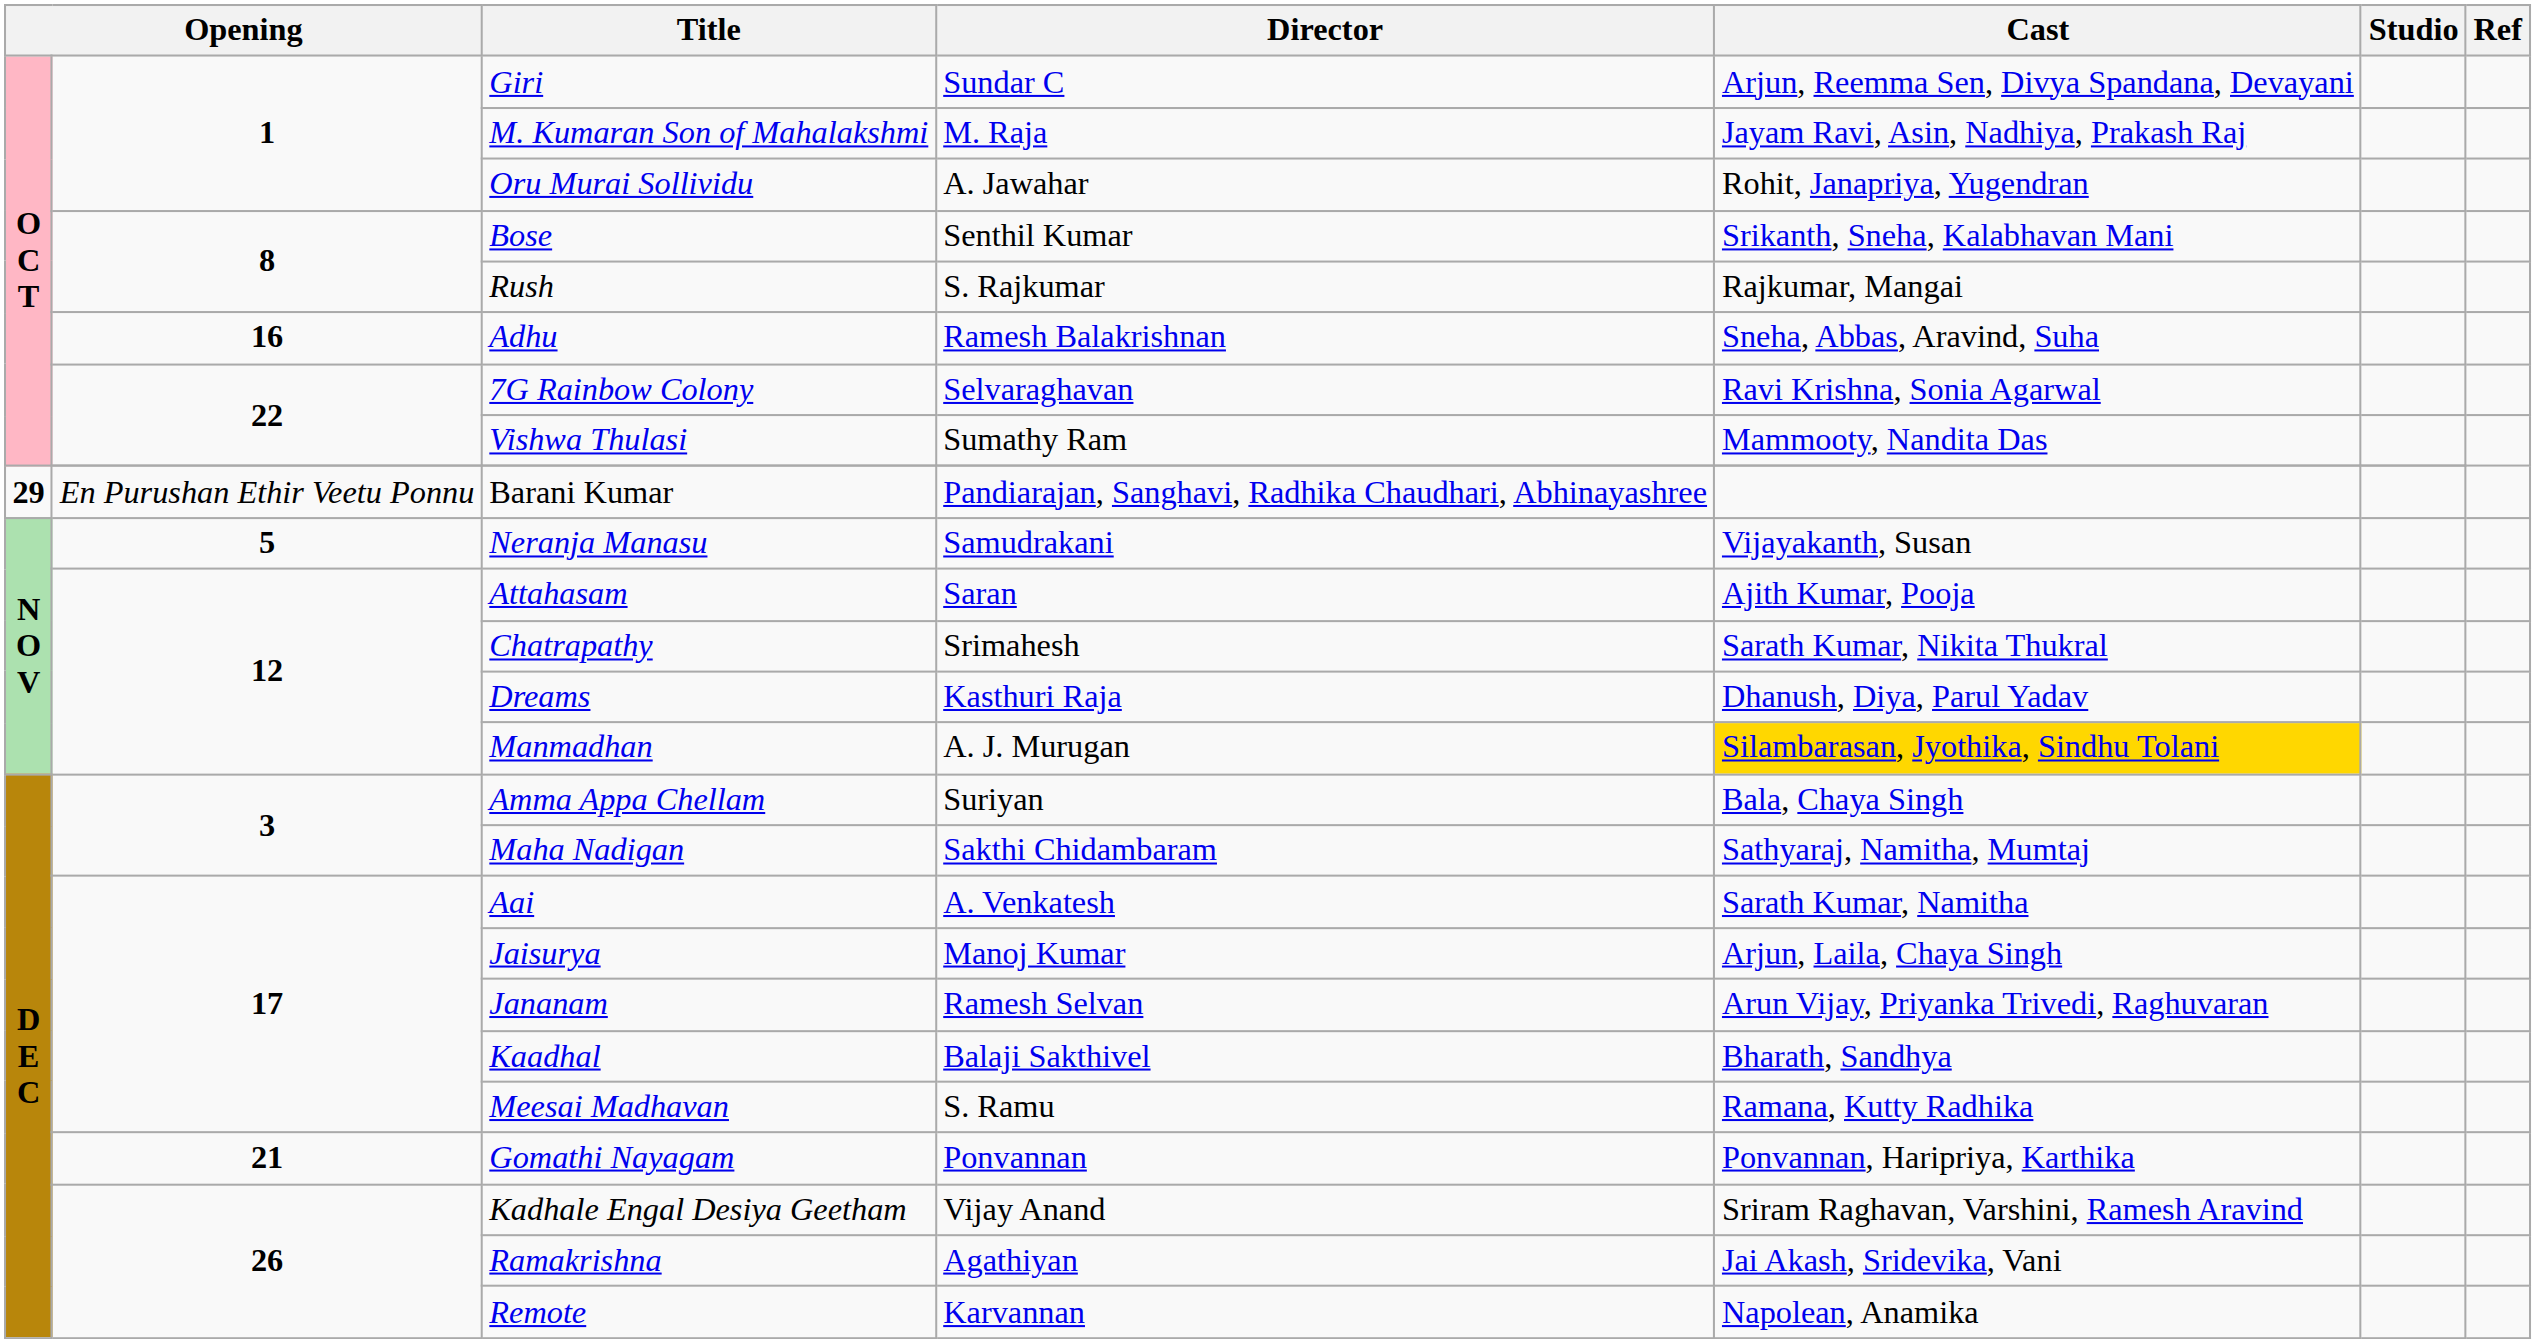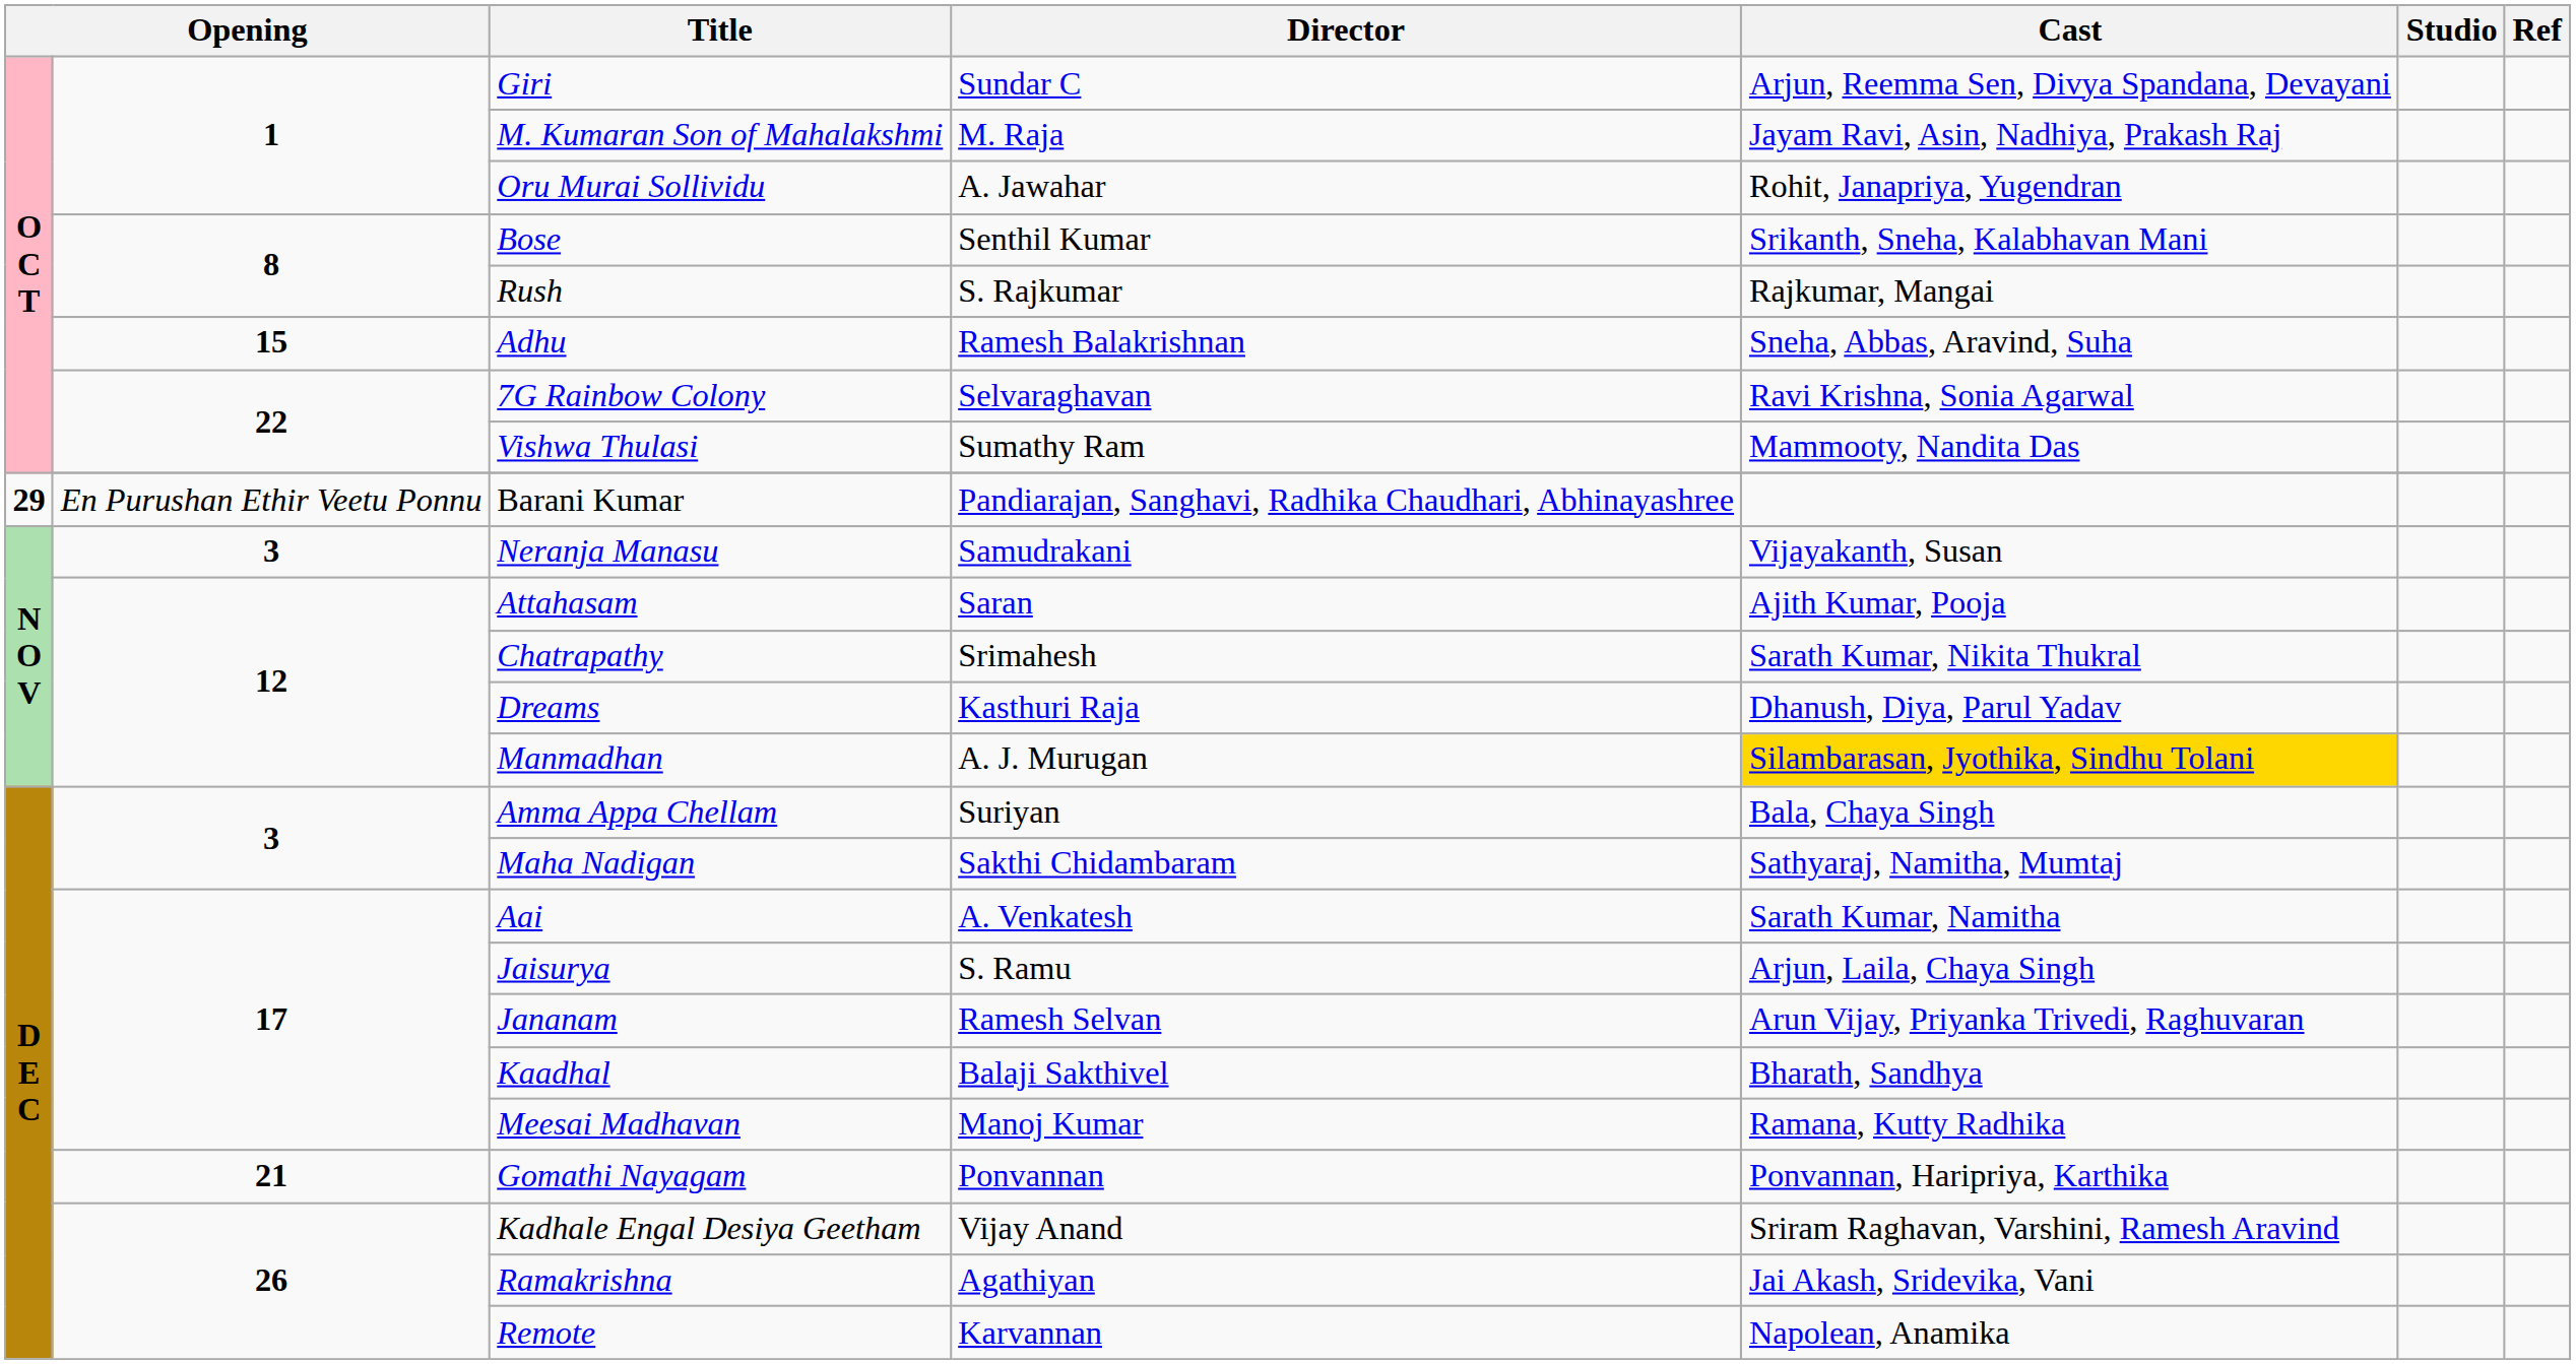 <table class="wikitable">
 <tr>
 <th colspan="2">Opening</th>
 <th>Title</th>
 <th>Director</th>
 <th>Cast</th>
 <th>Studio</th>
 <th>Ref</th>
 </tr>
 <tr October!>
 <td rowspan="9" valign="center" align="center" style="background:#FFB7C5; textcolor:#000;"><strong>O<br>C<br>T</strong></td>
 <td rowspan="3" align="center"><strong>1</strong></td>
 <td><em><a href='#'>Giri</a></em></td>
 <td><a href='#'>Sundar C</a></td>
 <td><a href='#'>Arjun</a>, <a href='#'>Reemma Sen</a>, <a href='#'>Divya Spandana</a>, <a href='#'>Devayani</a></td>
 <td></td>
 <td></td>
 </tr>
 <tr>
 <td><em><a href='#'>M. Kumaran Son of Mahalakshmi</a></em></td>
 <td><a href='#'>M. Raja</a></td>
 <td><a href='#'>Jayam Ravi</a>, <a href='#'>Asin</a>, <a href='#'>Nadhiya</a>, <a href='#'>Prakash Raj</a></td>
 <td></td>
 <td></td>
 </tr>
 <tr>
 <td><em><a href='#'>Oru Murai Sollividu</a></em></td>
 <td>A. Jawahar</td>
 <td>Rohit, <a href='#'>Janapriya</a>, <a href='#'>Yugendran</a></td>
 <td></td>
 <td></td>
 </tr>
 <tr>
 <td rowspan="2" align="center"><strong>8</strong></td>
 <td><em><a href='#'>Bose</a></em></td>
 <td>Senthil Kumar</td>
 <td><a href='#'>Srikanth</a>, <a href='#'>Sneha</a>, <a href='#'>Kalabhavan Mani</a></td>
 <td></td>
 <td></td>
 </tr>
 <tr>
 <td><em>Rush</em></td>
 <td>S. Rajkumar</td>
 <td>Rajkumar, Mangai</td>
 <td></td>
 <td></td>
 </tr>
 <tr>
-<td rowspan="1" align="center"><strong>16</strong></td>
+<td rowspan="1" align="center"><strong>15</strong></td>
 <td><em><a href='#'>Adhu</a></em></td>
 <td><a href='#'>Ramesh Balakrishnan</a></td>
 <td><a href='#'>Sneha</a>, <a href='#'>Abbas</a>, Aravind, <a href='#'>Suha</a></td>
 <td></td>
 <td></td>
 </tr>
 <tr>
 <td rowspan="2" align="center"><strong>22</strong></td>
 <td><em><a href='#'>7G Rainbow Colony</a></em></td>
 <td><a href='#'>Selvaraghavan</a></td>
 <td><a href='#'>Ravi Krishna</a>, <a href='#'>Sonia Agarwal</a></td>
 <td></td>
 <td></td>
 </tr>
 <tr>
 <td><em><a href='#'>Vishwa Thulasi</a></em></td>
 <td>Sumathy Ram</td>
 <td><a href='#'>Mammooty</a>, <a href='#'>Nandita Das</a></td>
 <td></td>
 <td></td>
 </tr>
 <tr>
 </tr>
 <tr>
 <td rowspan="1" align="center"><strong>29</strong></td>
 <td><em>En Purushan Ethir Veetu Ponnu</em></td>
 <td>Barani Kumar</td>
 <td><a href='#'>Pandiarajan</a>, <a href='#'>Sanghavi</a>, <a href='#'>Radhika Chaudhari</a>, <a href='#'>Abhinayashree</a></td>
 <td></td>
 <td></td>
 </tr>
 <tr November!>
 <td rowspan="5" valign="center" align="center" style="background:#ACE1AF; textcolor:#000;"><strong>N<br>O<br>V</strong></td>
-<td rowspan="1" align="center"><strong>5</strong></td>
+<td rowspan="1" align="center"><strong>3</strong></td>
 <td><em><a href='#'>Neranja Manasu</a></em></td>
 <td><a href='#'>Samudrakani</a></td>
 <td><a href='#'>Vijayakanth</a>, Susan</td>
 <td></td>
 <td></td>
 </tr>
 <tr>
 <td rowspan="4" align="center"><strong>12</strong></td>
 <td><em><a href='#'>Attahasam</a></em></td>
 <td><a href='#'>Saran</a></td>
 <td><a href='#'>Ajith Kumar</a>, <a href='#'>Pooja</a></td>
 <td></td>
 <td></td>
 </tr>
 <tr>
 <td><em><a href='#'>Chatrapathy</a></em></td>
 <td>Srimahesh</td>
 <td><a href='#'>Sarath Kumar</a>, <a href='#'>Nikita Thukral</a></td>
 <td></td>
 <td></td>
 </tr>
 <tr>
 <td><em><a href='#'>Dreams</a></em></td>
 <td><a href='#'>Kasthuri Raja</a></td>
 <td><a href='#'>Dhanush</a>, <a href='#'>Diya</a>, <a href='#'>Parul Yadav</a></td>
 <td></td>
 <td></td>
 </tr>
 <tr>
 <td><em><a href='#'>Manmadhan</a></em></td>
 <td>A. J. Murugan</td>
 <td style="background: gold;"><a href='#'>Silambarasan</a>, <a href='#'>Jyothika</a>, <a href='#'>Sindhu Tolani</a></td>
 <td></td>
 <td></td>
 </tr>
 <tr December!>
 <td rowspan="12" valign="center" align="center" style="background:#B8860B; textcolor:#000;"><strong>D<br>E<br>C</strong></td>
 <td rowspan="2" align="center"><strong>3</strong></td>
 <td><em><a href='#'>Amma Appa Chellam</a></em></td>
 <td>Suriyan</td>
 <td><a href='#'>Bala</a>, <a href='#'>Chaya Singh</a></td>
 <td></td>
 <td></td>
 </tr>
 <tr>
 <td><em><a href='#'>Maha Nadigan</a></em></td>
 <td><a href='#'>Sakthi Chidambaram</a></td>
 <td><a href='#'>Sathyaraj</a>, <a href='#'>Namitha</a>, <a href='#'>Mumtaj</a></td>
 <td></td>
 <td></td>
 </tr>
 <tr>
 <td rowspan="5" align="center"><strong>17</strong></td>
 <td><em><a href='#'>Aai</a></em></td>
 <td><a href='#'>A. Venkatesh</a></td>
 <td><a href='#'>Sarath Kumar</a>, <a href='#'>Namitha</a></td>
 <td></td>
 <td></td>
 </tr>
 <tr>
 <td><em><a href='#'>Jaisurya</a></em></td>
-<td><a href='#'>Manoj Kumar</a></td>
+<td>S. Ramu</td>
 <td><a href='#'>Arjun</a>, <a href='#'>Laila</a>, <a href='#'>Chaya Singh</a></td>
 <td></td>
 <td></td>
 </tr>
 <tr>
 <td><em><a href='#'>Jananam</a></em></td>
 <td><a href='#'>Ramesh Selvan</a></td>
 <td><a href='#'>Arun Vijay</a>, <a href='#'>Priyanka Trivedi</a>, <a href='#'>Raghuvaran</a></td>
 <td></td>
 <td></td>
 </tr>
 <tr>
 <td><em><a href='#'>Kaadhal</a></em></td>
 <td><a href='#'>Balaji Sakthivel</a></td>
 <td><a href='#'>Bharath</a>, <a href='#'>Sandhya</a></td>
 <td></td>
 <td></td>
 </tr>
 <tr>
 <td><em><a href='#'>Meesai Madhavan</a></em></td>
-<td>S. Ramu</td>
+<td><a href='#'>Manoj Kumar</a></td>
 <td><a href='#'>Ramana</a>, <a href='#'>Kutty Radhika</a></td>
 <td></td>
 <td></td>
 </tr>
 <tr>
 <td align="center"><strong>21</strong></td>
 <td><em><a href='#'>Gomathi Nayagam</a></em></td>
 <td><a href='#'>Ponvannan</a></td>
 <td><a href='#'>Ponvannan</a>, Haripriya, <a href='#'>Karthika</a></td>
 <td></td>
 <td></td>
 </tr>
 <tr>
 <td rowspan="3" align="center"><strong>26</strong></td>
 <td><em>Kadhale Engal Desiya Geetham</em></td>
 <td>Vijay Anand</td>
 <td>Sriram Raghavan, Varshini, <a href='#'>Ramesh Aravind</a></td>
 <td></td>
 <td></td>
 </tr>
 <tr>
 <td><em><a href='#'>Ramakrishna</a></em></td>
 <td><a href='#'>Agathiyan</a></td>
 <td><a href='#'>Jai Akash</a>, <a href='#'>Sridevika</a>, Vani</td>
 <td></td>
 <td></td>
 </tr>
 <tr>
 <td><em><a href='#'>Remote</a></em></td>
 <td><a href='#'>Karvannan</a></td>
 <td><a href='#'>Napolean</a>, Anamika</td>
 <td></td>
 <td></td>
 </tr>
 </table>
